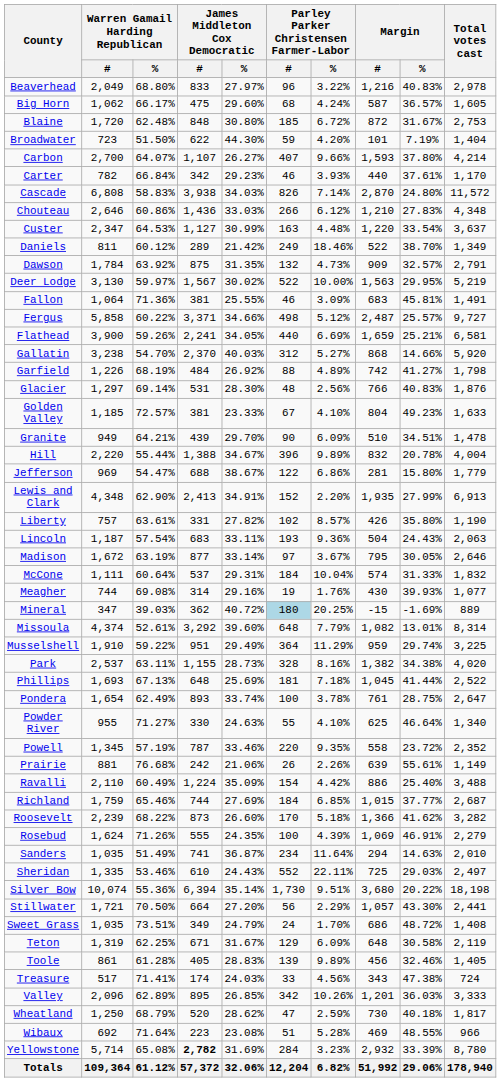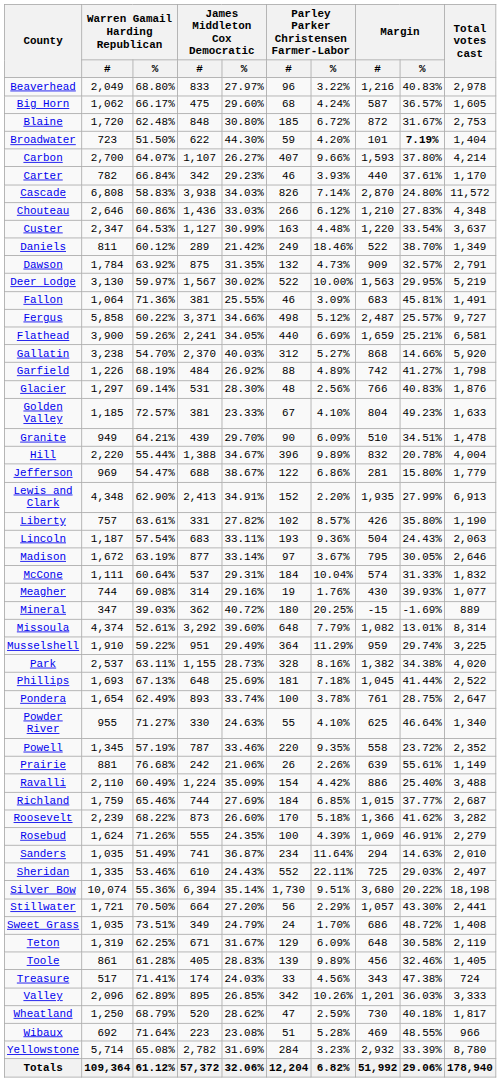 <table width="70%"  class="wikitable sortable" style="text-align:center">
 <tr>
 <th colspan="1" rowspan="2">County</th>
 <th style="text-align:center;" colspan="2">Warren Gamail Harding<br>Republican</th>
 <th style="text-align:center;" colspan="2">James Middleton Cox<br>Democratic</th>
 <th style="text-align:center;" colspan="2">Parley Parker Christensen<br>Farmer-Labor</th>
 <th style="text-align:center;" colspan="2">Margin</th>
 <th colspan="1" rowspan="2" style="text-align:center;">Total votes cast</th>
 </tr>
 <tr>
 <th style="text-align:center;" data-sort-type="number">#</th>
 <th style="text-align:center;" data-sort-type="number">%</th>
 <th style="text-align:center;" data-sort-type="number">#</th>
 <th style="text-align:center;" data-sort-type="number">%</th>
 <th style="text-align:center;" data-sort-type="number">#</th>
 <th style="text-align:center;" data-sort-type="number">%</th>
 <th style="text-align:center;" data-sort-type="number">#</th>
 <th style="text-align:center;" data-sort-type="number">%</th>
 </tr>
 <tr style="text-align:center;">
 <td><a href='#'>Beaverhead</a></td>
 <td>2,049</td>
 <td>68.80%</td>
 <td>833</td>
 <td>27.97%</td>
 <td>96</td>
 <td>3.22%</td>
 <td>1,216</td>
 <td>40.83%</td>
 <td>2,978</td>
 </tr>
 <tr style="text-align:center;">
 <td><a href='#'>Big Horn</a></td>
 <td>1,062</td>
 <td>66.17%</td>
 <td>475</td>
 <td>29.60%</td>
 <td>68</td>
 <td>4.24%</td>
 <td>587</td>
 <td>36.57%</td>
 <td>1,605</td>
 </tr>
 <tr style="text-align:center;">
 <td><a href='#'>Blaine</a></td>
 <td>1,720</td>
 <td>62.48%</td>
 <td>848</td>
 <td>30.80%</td>
 <td>185</td>
 <td>6.72%</td>
 <td>872</td>
 <td>31.67%</td>
 <td>2,753</td>
 </tr>
 <tr style="text-align:center;">
 <td><a href='#'>Broadwater</a></td>
 <td>723</td>
 <td>51.50%</td>
 <td>622</td>
 <td>44.30%</td>
 <td>59</td>
 <td>4.20%</td>
 <td>101</td>
-<td>7.19%</td>
+<td><strong>7.19%</strong></td>
 <td>1,404</td>
 </tr>
 <tr style="text-align:center;">
 <td><a href='#'>Carbon</a></td>
 <td>2,700</td>
 <td>64.07%</td>
 <td>1,107</td>
 <td>26.27%</td>
 <td>407</td>
 <td>9.66%</td>
 <td>1,593</td>
 <td>37.80%</td>
 <td>4,214</td>
 </tr>
 <tr style="text-align:center;">
 <td><a href='#'>Carter</a></td>
 <td>782</td>
 <td>66.84%</td>
 <td>342</td>
 <td>29.23%</td>
 <td>46</td>
 <td>3.93%</td>
 <td>440</td>
 <td>37.61%</td>
 <td>1,170</td>
 </tr>
 <tr style="text-align:center;">
 <td><a href='#'>Cascade</a></td>
 <td>6,808</td>
 <td>58.83%</td>
 <td>3,938</td>
 <td>34.03%</td>
 <td>826</td>
 <td>7.14%</td>
 <td>2,870</td>
 <td>24.80%</td>
 <td>11,572</td>
 </tr>
 <tr style="text-align:center;">
 <td><a href='#'>Chouteau</a></td>
 <td>2,646</td>
 <td>60.86%</td>
 <td>1,436</td>
 <td>33.03%</td>
 <td>266</td>
 <td>6.12%</td>
 <td>1,210</td>
 <td>27.83%</td>
 <td>4,348</td>
 </tr>
 <tr style="text-align:center;">
 <td><a href='#'>Custer</a></td>
 <td>2,347</td>
 <td>64.53%</td>
 <td>1,127</td>
 <td>30.99%</td>
 <td>163</td>
 <td>4.48%</td>
 <td>1,220</td>
 <td>33.54%</td>
 <td>3,637</td>
 </tr>
 <tr style="text-align:center;">
 <td><a href='#'>Daniels</a></td>
 <td>811</td>
 <td>60.12%</td>
 <td>289</td>
 <td>21.42%</td>
 <td>249</td>
 <td>18.46%</td>
 <td>522</td>
 <td>38.70%</td>
 <td>1,349</td>
 </tr>
 <tr style="text-align:center;">
 <td><a href='#'>Dawson</a></td>
 <td>1,784</td>
 <td>63.92%</td>
 <td>875</td>
 <td>31.35%</td>
 <td>132</td>
 <td>4.73%</td>
 <td>909</td>
 <td>32.57%</td>
 <td>2,791</td>
 </tr>
 <tr style="text-align:center;">
 <td><a href='#'>Deer Lodge</a></td>
 <td>3,130</td>
 <td>59.97%</td>
 <td>1,567</td>
 <td>30.02%</td>
 <td>522</td>
 <td>10.00%</td>
 <td>1,563</td>
 <td>29.95%</td>
 <td>5,219</td>
 </tr>
 <tr style="text-align:center;">
 <td><a href='#'>Fallon</a></td>
 <td>1,064</td>
 <td>71.36%</td>
 <td>381</td>
 <td>25.55%</td>
 <td>46</td>
 <td>3.09%</td>
 <td>683</td>
 <td>45.81%</td>
 <td>1,491</td>
 </tr>
 <tr style="text-align:center;">
 <td><a href='#'>Fergus</a></td>
 <td>5,858</td>
 <td>60.22%</td>
 <td>3,371</td>
 <td>34.66%</td>
 <td>498</td>
 <td>5.12%</td>
 <td>2,487</td>
 <td>25.57%</td>
 <td>9,727</td>
 </tr>
 <tr style="text-align:center;">
 <td><a href='#'>Flathead</a></td>
 <td>3,900</td>
 <td>59.26%</td>
 <td>2,241</td>
 <td>34.05%</td>
 <td>440</td>
 <td>6.69%</td>
 <td>1,659</td>
 <td>25.21%</td>
 <td>6,581</td>
 </tr>
 <tr style="text-align:center;">
 <td><a href='#'>Gallatin</a></td>
 <td>3,238</td>
 <td>54.70%</td>
 <td>2,370</td>
 <td>40.03%</td>
 <td>312</td>
 <td>5.27%</td>
 <td>868</td>
 <td>14.66%</td>
 <td>5,920</td>
 </tr>
 <tr style="text-align:center;">
 <td><a href='#'>Garfield</a></td>
 <td>1,226</td>
 <td>68.19%</td>
 <td>484</td>
 <td>26.92%</td>
 <td>88</td>
 <td>4.89%</td>
 <td>742</td>
 <td>41.27%</td>
 <td>1,798</td>
 </tr>
 <tr style="text-align:center;">
 <td><a href='#'>Glacier</a></td>
 <td>1,297</td>
 <td>69.14%</td>
 <td>531</td>
 <td>28.30%</td>
 <td>48</td>
 <td>2.56%</td>
 <td>766</td>
 <td>40.83%</td>
 <td>1,876</td>
 </tr>
 <tr style="text-align:center;">
 <td><a href='#'>Golden Valley</a></td>
 <td>1,185</td>
 <td>72.57%</td>
 <td>381</td>
 <td>23.33%</td>
 <td>67</td>
 <td>4.10%</td>
 <td>804</td>
 <td>49.23%</td>
 <td>1,633</td>
 </tr>
 <tr style="text-align:center;">
 <td><a href='#'>Granite</a></td>
 <td>949</td>
 <td>64.21%</td>
 <td>439</td>
 <td>29.70%</td>
 <td>90</td>
 <td>6.09%</td>
 <td>510</td>
 <td>34.51%</td>
 <td>1,478</td>
 </tr>
 <tr style="text-align:center;">
 <td><a href='#'>Hill</a></td>
 <td>2,220</td>
 <td>55.44%</td>
 <td>1,388</td>
 <td>34.67%</td>
 <td>396</td>
 <td>9.89%</td>
 <td>832</td>
 <td>20.78%</td>
 <td>4,004</td>
 </tr>
 <tr style="text-align:center;">
 <td><a href='#'>Jefferson</a></td>
 <td>969</td>
 <td>54.47%</td>
 <td>688</td>
 <td>38.67%</td>
 <td>122</td>
 <td>6.86%</td>
 <td>281</td>
 <td>15.80%</td>
 <td>1,779</td>
 </tr>
 <tr style="text-align:center;">
 <td><a href='#'>Lewis and Clark</a></td>
 <td>4,348</td>
 <td>62.90%</td>
 <td>2,413</td>
 <td>34.91%</td>
 <td>152</td>
 <td>2.20%</td>
 <td>1,935</td>
 <td>27.99%</td>
 <td>6,913</td>
 </tr>
 <tr style="text-align:center;">
 <td><a href='#'>Liberty</a></td>
 <td>757</td>
 <td>63.61%</td>
 <td>331</td>
 <td>27.82%</td>
 <td>102</td>
 <td>8.57%</td>
 <td>426</td>
 <td>35.80%</td>
 <td>1,190</td>
 </tr>
 <tr style="text-align:center;">
 <td><a href='#'>Lincoln</a></td>
 <td>1,187</td>
 <td>57.54%</td>
 <td>683</td>
 <td>33.11%</td>
 <td>193</td>
 <td>9.36%</td>
 <td>504</td>
 <td>24.43%</td>
 <td>2,063</td>
 </tr>
 <tr style="text-align:center;">
 <td><a href='#'>Madison</a></td>
 <td>1,672</td>
 <td>63.19%</td>
 <td>877</td>
 <td>33.14%</td>
 <td>97</td>
 <td>3.67%</td>
 <td>795</td>
 <td>30.05%</td>
 <td>2,646</td>
 </tr>
 <tr style="text-align:center;">
 <td><a href='#'>McCone</a></td>
 <td>1,111</td>
 <td>60.64%</td>
 <td>537</td>
 <td>29.31%</td>
 <td>184</td>
 <td>10.04%</td>
 <td>574</td>
 <td>31.33%</td>
 <td>1,832</td>
 </tr>
 <tr style="text-align:center;">
 <td><a href='#'>Meagher</a></td>
 <td>744</td>
 <td>69.08%</td>
 <td>314</td>
 <td>29.16%</td>
 <td>19</td>
 <td>1.76%</td>
 <td>430</td>
 <td>39.93%</td>
 <td>1,077</td>
 </tr>
 <tr style="text-align:center;">
 <td><a href='#'>Mineral</a></td>
 <td>347</td>
 <td>39.03%</td>
 <td>362</td>
 <td>40.72%</td>
-<td style="background: lightblue;">180</td>
+<td>180</td>
 <td>20.25%</td>
 <td>-15</td>
 <td>-1.69%</td>
 <td>889</td>
 </tr>
 <tr style="text-align:center;">
 <td><a href='#'>Missoula</a></td>
 <td>4,374</td>
 <td>52.61%</td>
 <td>3,292</td>
 <td>39.60%</td>
 <td>648</td>
 <td>7.79%</td>
 <td>1,082</td>
 <td>13.01%</td>
 <td>8,314</td>
 </tr>
 <tr style="text-align:center;">
 <td><a href='#'>Musselshell</a></td>
 <td>1,910</td>
 <td>59.22%</td>
 <td>951</td>
 <td>29.49%</td>
 <td>364</td>
 <td>11.29%</td>
 <td>959</td>
 <td>29.74%</td>
 <td>3,225</td>
 </tr>
 <tr style="text-align:center;">
 <td><a href='#'>Park</a></td>
 <td>2,537</td>
 <td>63.11%</td>
 <td>1,155</td>
 <td>28.73%</td>
 <td>328</td>
 <td>8.16%</td>
 <td>1,382</td>
 <td>34.38%</td>
 <td>4,020</td>
 </tr>
 <tr style="text-align:center;">
 <td><a href='#'>Phillips</a></td>
 <td>1,693</td>
 <td>67.13%</td>
 <td>648</td>
 <td>25.69%</td>
 <td>181</td>
 <td>7.18%</td>
 <td>1,045</td>
 <td>41.44%</td>
 <td>2,522</td>
 </tr>
 <tr style="text-align:center;">
 <td><a href='#'>Pondera</a></td>
 <td>1,654</td>
 <td>62.49%</td>
 <td>893</td>
 <td>33.74%</td>
 <td>100</td>
 <td>3.78%</td>
 <td>761</td>
 <td>28.75%</td>
 <td>2,647</td>
 </tr>
 <tr style="text-align:center;">
 <td><a href='#'>Powder River</a></td>
 <td>955</td>
 <td>71.27%</td>
 <td>330</td>
 <td>24.63%</td>
 <td>55</td>
 <td>4.10%</td>
 <td>625</td>
 <td>46.64%</td>
 <td>1,340</td>
 </tr>
 <tr style="text-align:center;">
 <td><a href='#'>Powell</a></td>
 <td>1,345</td>
 <td>57.19%</td>
 <td>787</td>
 <td>33.46%</td>
 <td>220</td>
 <td>9.35%</td>
 <td>558</td>
 <td>23.72%</td>
 <td>2,352</td>
 </tr>
 <tr style="text-align:center;">
 <td><a href='#'>Prairie</a></td>
 <td>881</td>
 <td>76.68%</td>
 <td>242</td>
 <td>21.06%</td>
 <td>26</td>
 <td>2.26%</td>
 <td>639</td>
 <td>55.61%</td>
 <td>1,149</td>
 </tr>
 <tr style="text-align:center;">
 <td><a href='#'>Ravalli</a></td>
 <td>2,110</td>
 <td>60.49%</td>
 <td>1,224</td>
 <td>35.09%</td>
 <td>154</td>
 <td>4.42%</td>
 <td>886</td>
 <td>25.40%</td>
 <td>3,488</td>
 </tr>
 <tr style="text-align:center;">
 <td><a href='#'>Richland</a></td>
 <td>1,759</td>
 <td>65.46%</td>
 <td>744</td>
 <td>27.69%</td>
 <td>184</td>
 <td>6.85%</td>
 <td>1,015</td>
 <td>37.77%</td>
 <td>2,687</td>
 </tr>
 <tr style="text-align:center;">
 <td><a href='#'>Roosevelt</a></td>
 <td>2,239</td>
 <td>68.22%</td>
 <td>873</td>
 <td>26.60%</td>
 <td>170</td>
 <td>5.18%</td>
 <td>1,366</td>
 <td>41.62%</td>
 <td>3,282</td>
 </tr>
 <tr style="text-align:center;">
 <td><a href='#'>Rosebud</a></td>
 <td>1,624</td>
 <td>71.26%</td>
 <td>555</td>
 <td>24.35%</td>
 <td>100</td>
 <td>4.39%</td>
 <td>1,069</td>
 <td>46.91%</td>
 <td>2,279</td>
 </tr>
 <tr style="text-align:center;">
 <td><a href='#'>Sanders</a></td>
 <td>1,035</td>
 <td>51.49%</td>
 <td>741</td>
 <td>36.87%</td>
 <td>234</td>
 <td>11.64%</td>
 <td>294</td>
 <td>14.63%</td>
 <td>2,010</td>
 </tr>
 <tr style="text-align:center;">
 <td><a href='#'>Sheridan</a></td>
 <td>1,335</td>
 <td>53.46%</td>
 <td>610</td>
 <td>24.43%</td>
 <td>552</td>
 <td>22.11%</td>
 <td>725</td>
 <td>29.03%</td>
 <td>2,497</td>
 </tr>
 <tr style="text-align:center;">
 <td><a href='#'>Silver Bow</a></td>
 <td>10,074</td>
 <td>55.36%</td>
 <td>6,394</td>
 <td>35.14%</td>
 <td>1,730</td>
 <td>9.51%</td>
 <td>3,680</td>
 <td>20.22%</td>
 <td>18,198</td>
 </tr>
 <tr style="text-align:center;">
 <td><a href='#'>Stillwater</a></td>
 <td>1,721</td>
 <td>70.50%</td>
 <td>664</td>
 <td>27.20%</td>
 <td>56</td>
 <td>2.29%</td>
 <td>1,057</td>
 <td>43.30%</td>
 <td>2,441</td>
 </tr>
 <tr style="text-align:center;">
 <td><a href='#'>Sweet Grass</a></td>
 <td>1,035</td>
 <td>73.51%</td>
 <td>349</td>
 <td>24.79%</td>
 <td>24</td>
 <td>1.70%</td>
 <td>686</td>
 <td>48.72%</td>
 <td>1,408</td>
 </tr>
 <tr style="text-align:center;">
 <td><a href='#'>Teton</a></td>
 <td>1,319</td>
 <td>62.25%</td>
 <td>671</td>
 <td>31.67%</td>
 <td>129</td>
 <td>6.09%</td>
 <td>648</td>
 <td>30.58%</td>
 <td>2,119</td>
 </tr>
 <tr style="text-align:center;">
 <td><a href='#'>Toole</a></td>
 <td>861</td>
 <td>61.28%</td>
 <td>405</td>
 <td>28.83%</td>
 <td>139</td>
 <td>9.89%</td>
 <td>456</td>
 <td>32.46%</td>
 <td>1,405</td>
 </tr>
 <tr style="text-align:center;">
 <td><a href='#'>Treasure</a></td>
 <td>517</td>
 <td>71.41%</td>
 <td>174</td>
 <td>24.03%</td>
 <td>33</td>
 <td>4.56%</td>
 <td>343</td>
 <td>47.38%</td>
 <td>724</td>
 </tr>
 <tr style="text-align:center;">
 <td><a href='#'>Valley</a></td>
 <td>2,096</td>
 <td>62.89%</td>
 <td>895</td>
 <td>26.85%</td>
 <td>342</td>
 <td>10.26%</td>
 <td>1,201</td>
 <td>36.03%</td>
 <td>3,333</td>
 </tr>
 <tr style="text-align:center;">
 <td><a href='#'>Wheatland</a></td>
 <td>1,250</td>
 <td>68.79%</td>
 <td>520</td>
 <td>28.62%</td>
 <td>47</td>
 <td>2.59%</td>
 <td>730</td>
 <td>40.18%</td>
 <td>1,817</td>
 </tr>
 <tr style="text-align:center;">
 <td><a href='#'>Wibaux</a></td>
 <td>692</td>
 <td>71.64%</td>
 <td>223</td>
 <td>23.08%</td>
 <td>51</td>
 <td>5.28%</td>
 <td>469</td>
 <td>48.55%</td>
 <td>966</td>
 </tr>
 <tr style="text-align:center;">
 <td><a href='#'>Yellowstone</a></td>
 <td>5,714</td>
 <td>65.08%</td>
-<td><strong>2,782</strong></td>
+<td>2,782</td>
 <td>31.69%</td>
 <td>284</td>
 <td>3.23%</td>
 <td>2,932</td>
 <td>33.39%</td>
 <td>8,780</td>
 </tr>
 <tr style="text-align:center;">
 <th>Totals</th>
 <th>109,364</th>
 <th>61.12%</th>
 <th>57,372</th>
 <th>32.06%</th>
 <th>12,204</th>
 <th>6.82%</th>
 <th>51,992</th>
 <th>29.06%</th>
 <th>178,940</th>
 </tr>
 </table>
